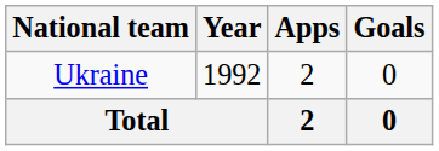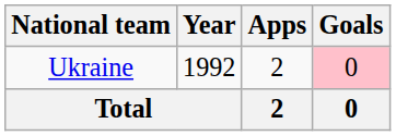 <table class="wikitable" style="text-align:center">
 <tr>
 <th>National team</th>
 <th>Year</th>
 <th>Apps</th>
 <th>Goals</th>
 </tr>
 <tr>
 <td><a href='#'>Ukraine</a></td>
 <td>1992</td>
 <td>2</td>
-<td>0</td>
+<td style="background: pink;">0</td>
 </tr>
 <tr>
 <th colspan="2">Total</th>
 <th>2</th>
 <th>0</th>
 </tr>
 </table>
